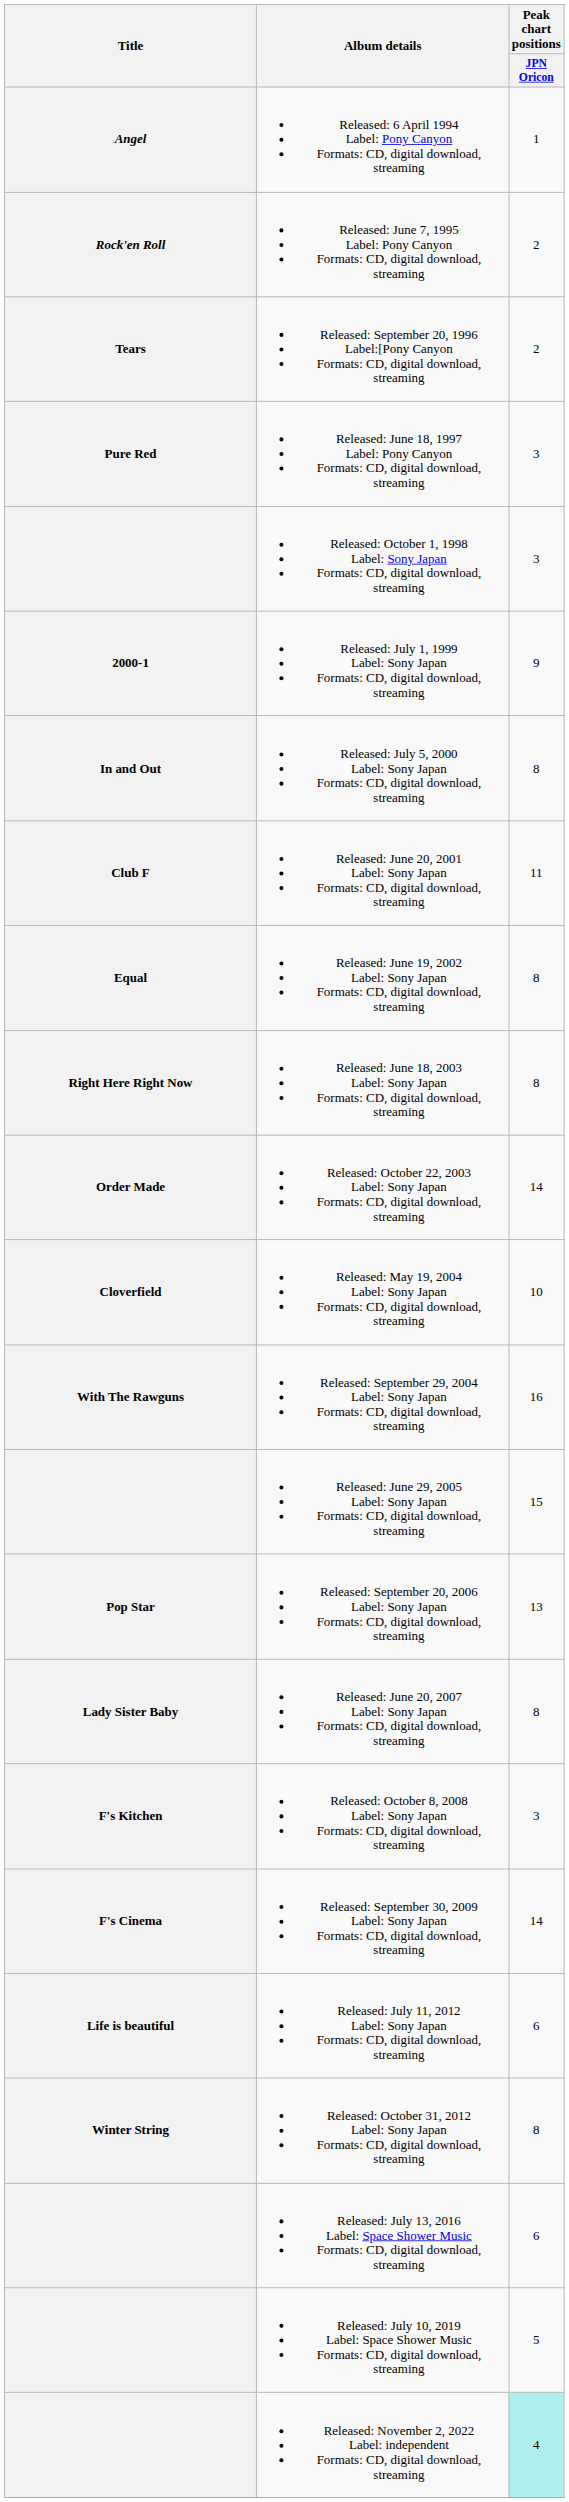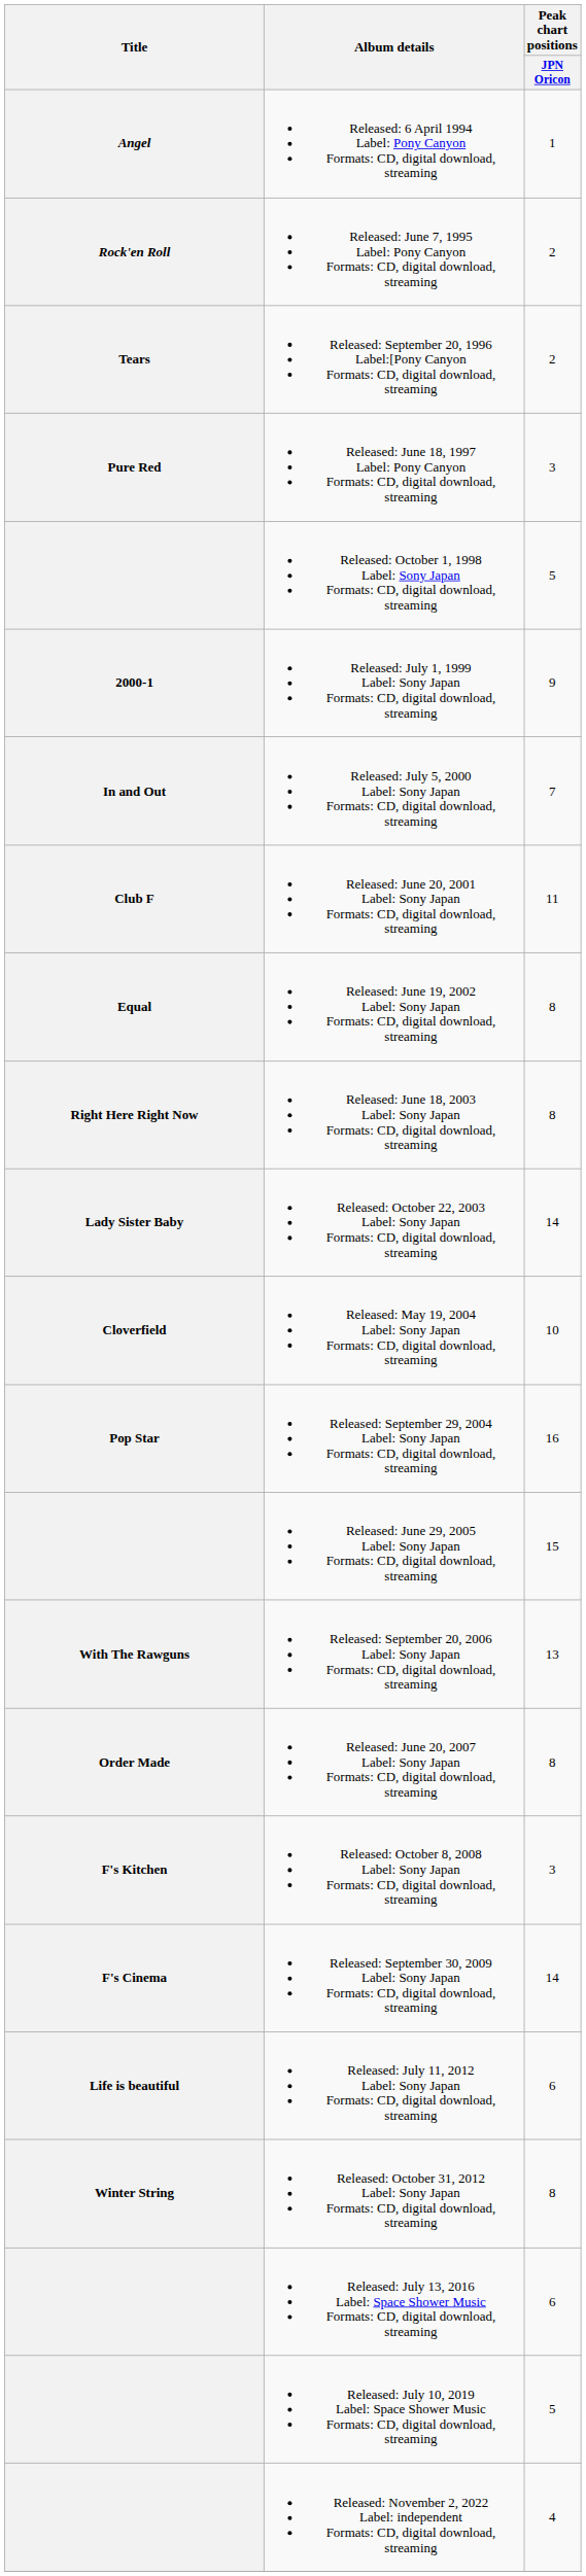 <table class="wikitable plainrowheaders" style="text-align:center;">
 <tr>
 <th scope="col" rowspan="2" style="width:19em;">Title</th>
 <th scope="col" rowspan="2" style="width:19em;">Album details</th>
 <th scope="col">Peak chart positions</th>
 </tr>
 <tr>
 <th scope="col" style="width:2.9em;font-size:90%;"><a href='#'>JPN<br>Oricon</a><br></th>
 </tr>
 <tr>
 <th scope="row"><em>Angel</em></th>
 <td><br><ul><li>Released: 6 April 1994</li><li>Label: <a href='#'>Pony Canyon</a></li><li>Formats: CD, digital download, streaming</li></ul></td>
 <td>1</td>
 </tr>
 <tr>
 <th scope="row"><em>Rock'en Roll</em></th>
 <td><br><ul><li>Released: June 7, 1995</li><li>Label: Pony Canyon</li><li>Formats: CD, digital download, streaming</li></ul></td>
 <td>2</td>
 </tr>
 <tr>
 <th scope="row"><strong>Tears<em></th>
 <td><br><ul><li>Released: September 20, 1996</li><li>Label:[Pony Canyon</li><li>Formats: CD, digital download, streaming</li></ul></td>
 <td>2</td>
 </tr>
 <tr>
 <th scope="row"></em>Pure Red<em></th>
 <td><br><ul><li>Released: June 18, 1997</li><li>Label: Pony Canyon</li><li>Formats: CD, digital download, streaming</li></ul></td>
 <td>3</td>
 </tr>
 <tr>
 <th scope="row"></th>
 <td><br><ul><li>Released: October 1, 1998</li><li>Label: <a href='#'>Sony Japan</a></li><li>Formats: CD, digital download, streaming</li></ul></td>
-<td>3</td>
+<td>5</td>
 </tr>
 <tr>
 <th scope="row"></em>2000-1<em></th>
 <td><br><ul><li>Released: July 1, 1999</li><li>Label: Sony Japan</li><li>Formats: CD, digital download, streaming</li></ul></td>
 <td>9</td>
 </tr>
 <tr>
 <th scope="row"></em>In and Out<em></th>
 <td><br><ul><li>Released: July 5, 2000</li><li>Label: Sony Japan</li><li>Formats: CD, digital download, streaming</li></ul></td>
-<td>8</td>
+<td>7</td>
 </tr>
 <tr>
 <th scope="row"></em>Club F<em></th>
 <td><br><ul><li>Released: June 20, 2001</li><li>Label: Sony Japan</li><li>Formats: CD, digital download, streaming</li></ul></td>
 <td>11</td>
 </tr>
 <tr>
 <th scope="row"></em>Equal<em></th>
 <td><br><ul><li>Released: June 19, 2002</li><li>Label: Sony Japan</li><li>Formats: CD, digital download, streaming</li></ul></td>
 <td>8</td>
 </tr>
 <tr>
 <th scope="row"></em>Right Here Right Now<em></th>
 <td><br><ul><li>Released: June 18, 2003</li><li>Label: Sony Japan</li><li>Formats: CD, digital download, streaming</li></ul></td>
 <td>8</td>
 </tr>
 <tr>
-<th scope="row"></em>Order Made<em></th>
+<th scope="row"></em>Lady Sister Baby<em></th>
 <td><br><ul><li>Released: October 22, 2003</li><li>Label: Sony Japan</li><li>Formats: CD, digital download, streaming</li></ul></td>
 <td>14</td>
 </tr>
 <tr>
 <th scope="row"></em>Cloverfield<em></th>
 <td><br><ul><li>Released: May 19, 2004</li><li>Label: Sony Japan</li><li>Formats: CD, digital download, streaming</li></ul></td>
 <td>10</td>
 </tr>
 <tr>
-<th scope="row"></em>With The Rawguns<em></th>
+<th scope="row"></em>Pop Star<em></th>
 <td><br><ul><li>Released: September 29, 2004</li><li>Label: Sony Japan</li><li>Formats: CD, digital download, streaming</li></ul></td>
 <td>16</td>
 </tr>
 <tr>
 <th scope="row"></th>
 <td><br><ul><li>Released: June 29, 2005</li><li>Label: Sony Japan</li><li>Formats: CD, digital download, streaming</li></ul></td>
 <td>15</td>
 </tr>
 <tr>
-<th scope="row"></em>Pop Star<em></th>
+<th scope="row"></em>With The Rawguns<em></th>
 <td><br><ul><li>Released: September 20, 2006</li><li>Label: Sony Japan</li><li>Formats: CD, digital download, streaming</li></ul></td>
 <td>13</td>
 </tr>
 <tr>
-<th scope="row"></em>Lady Sister Baby<em></th>
+<th scope="row"></em>Order Made<em></th>
 <td><br><ul><li>Released: June 20, 2007</li><li>Label: Sony Japan</li><li>Formats: CD, digital download, streaming</li></ul></td>
 <td>8</td>
 </tr>
 <tr>
 <th scope="row"></em>F's Kitchen<em></th>
 <td><br><ul><li>Released: October 8, 2008</li><li>Label: Sony Japan</li><li>Formats: CD, digital download, streaming</li></ul></td>
 <td>3</td>
 </tr>
 <tr>
 <th scope="row"></em>F's Cinema<em></th>
 <td><br><ul><li>Released: September 30, 2009</li><li>Label: Sony Japan</li><li>Formats: CD, digital download, streaming</li></ul></td>
 <td>14</td>
 </tr>
 <tr>
 <th scope="row"></em>Life is beautiful<em></th>
 <td><br><ul><li>Released: July 11, 2012</li><li>Label: Sony Japan</li><li>Formats: CD, digital download, streaming</li></ul></td>
 <td>6</td>
 </tr>
 <tr>
 <th scope="row"></em>Winter String<em></th>
 <td><br><ul><li>Released: October 31, 2012</li><li>Label: Sony Japan</li><li>Formats: CD, digital download, streaming</li></ul></td>
 <td>8</td>
 </tr>
 <tr>
 <th scope="row"></th>
 <td><br><ul><li>Released: July 13, 2016</li><li>Label: <a href='#'>Space Shower Music</a></li><li>Formats: CD, digital download, streaming</li></ul></td>
 <td>6</td>
 </tr>
 <tr>
 <th scope="row"></th>
 <td><br><ul><li>Released: July 10, 2019</li><li>Label: Space Shower Music</li><li>Formats: CD, digital download, streaming</li></ul></td>
 <td>5</td>
 </tr>
 <tr>
 <th scope="row"></th>
 <td><br><ul><li>Released: November 2, 2022</li><li>Label: independent</li><li>Formats: CD, digital download, streaming</li></ul></td>
-<td style="background: paleturquoise;">4</td>
+<td>4</td>
 </tr>
 <tr>
 </tr>
 </table>
